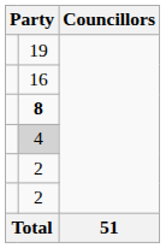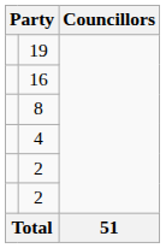 <table class="wikitable">
 <tr>
 <th colspan=2>Party</th>
 <th>Councillors</th>
 </tr>
 <tr>
 <td></td>
 <td align=center>19</td>
 </tr>
 <tr>
 <td></td>
 <td align=center>16</td>
 </tr>
 <tr>
 <td></td>
-<td align=center><strong>8</strong></td>
+<td align=center>8</td>
 </tr>
 <tr>
 <td></td>
-<td align=center style="background: lightgrey;">4</td>
+<td align=center>4</td>
 </tr>
 <tr>
 <td></td>
 <td align=center>2</td>
 </tr>
 <tr>
 <td></td>
 <td align=center>2</td>
 </tr>
 <tr>
 <th colspan=2>Total</th>
 <th>51</th>
 </tr>
 </table>
